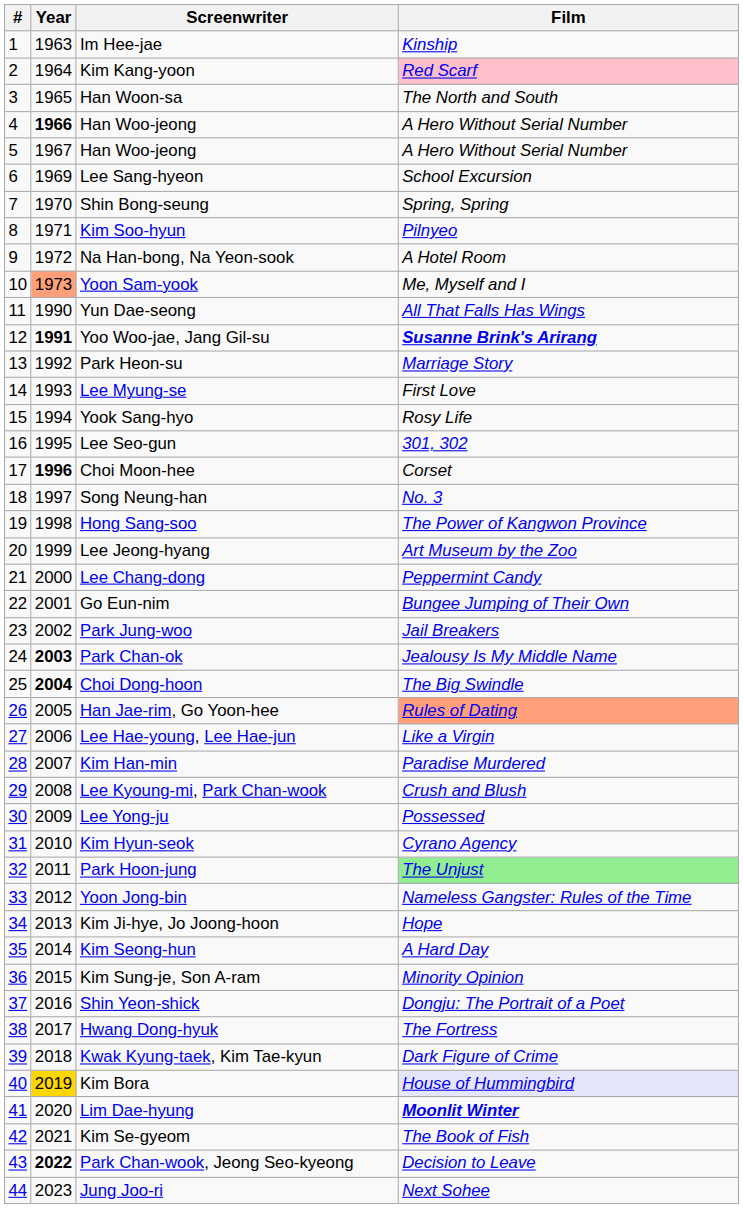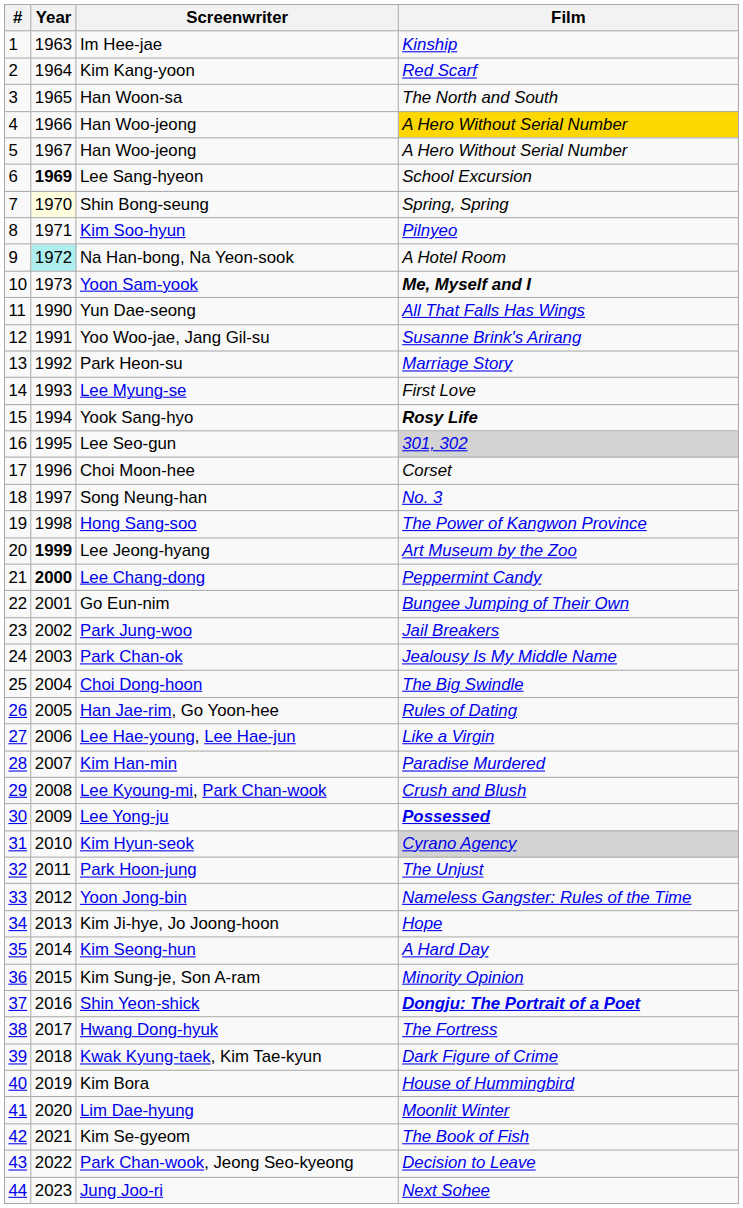 <table class="wikitable" style="width:700px">
 <tr>
 <th style="width:10px">#</th>
 <th style="width:10px">Year</th>
 <th>Screenwriter</th>
 <th>Film</th>
 </tr>
 <tr>
 <td>1</td>
 <td>1963</td>
 <td>Im Hee-jae</td>
 <td><em><a href='#'>Kinship</a></em></td>
 </tr>
 <tr>
 <td>2</td>
 <td>1964</td>
 <td>Kim Kang-yoon</td>
-<td style="background: pink;"><em><a href='#'>Red Scarf</a></em></td>
+<td><em><a href='#'>Red Scarf</a></em></td>
 </tr>
 <tr>
 <td>3</td>
 <td>1965</td>
 <td>Han Woon-sa</td>
 <td><em>The North and South</em></td>
 </tr>
 <tr>
 <td>4</td>
-<td><strong>1966</strong></td>
+<td>1966</td>
 <td>Han Woo-jeong</td>
-<td><em>A Hero Without Serial Number</em></td>
+<td style="background: gold;"><em>A Hero Without Serial Number</em></td>
 </tr>
 <tr>
 <td>5</td>
 <td>1967</td>
 <td>Han Woo-jeong</td>
 <td><em>A Hero Without Serial Number</em></td>
 </tr>
 <tr>
 <td>6</td>
-<td>1969</td>
+<td><strong>1969</strong></td>
 <td>Lee Sang-hyeon</td>
 <td><em>School Excursion</em></td>
 </tr>
 <tr>
 <td>7</td>
-<td>1970</td>
+<td style="background: lightyellow;">1970</td>
 <td>Shin Bong-seung</td>
 <td><em>Spring, Spring</em></td>
 </tr>
 <tr>
 <td>8</td>
 <td>1971</td>
 <td><a href='#'>Kim Soo-hyun</a></td>
 <td><em><a href='#'>Pilnyeo</a></em></td>
 </tr>
 <tr>
 <td>9</td>
-<td>1972</td>
+<td style="background: paleturquoise;">1972</td>
 <td>Na Han-bong, Na Yeon-sook</td>
 <td><em>A Hotel Room</em></td>
 </tr>
 <tr>
 <td>10</td>
-<td style="background: lightsalmon;">1973</td>
+<td>1973</td>
 <td><a href='#'>Yoon Sam-yook</a></td>
-<td><em>Me, Myself and I</em></td>
+<td><strong><em>Me, Myself and I</em></strong></td>
 </tr>
 <tr>
 <td>11</td>
 <td>1990</td>
 <td>Yun Dae-seong</td>
 <td><em><a href='#'>All That Falls Has Wings</a></em></td>
 </tr>
 <tr>
 <td>12</td>
-<td><strong>1991</strong></td>
+<td>1991</td>
 <td>Yoo Woo-jae, Jang Gil-su</td>
-<td><strong><em><a href='#'>Susanne Brink's Arirang</a></em></strong></td>
+<td><em><a href='#'>Susanne Brink's Arirang</a></em></td>
 </tr>
 <tr>
 <td>13</td>
 <td>1992</td>
 <td>Park Heon-su</td>
 <td><em><a href='#'>Marriage Story</a></em></td>
 </tr>
 <tr>
 <td>14</td>
 <td>1993</td>
 <td><a href='#'>Lee Myung-se</a></td>
 <td><em>First Love</em></td>
 </tr>
 <tr>
 <td>15</td>
 <td>1994</td>
 <td>Yook Sang-hyo</td>
-<td><em>Rosy Life</em></td>
+<td><strong><em>Rosy Life</em></strong></td>
 </tr>
 <tr>
 <td>16</td>
 <td>1995</td>
 <td>Lee Seo-gun</td>
-<td><em><a href='#'>301, 302</a></em></td>
+<td style="background: lightgrey;"><em><a href='#'>301, 302</a></em></td>
 </tr>
 <tr>
 <td>17</td>
-<td><strong>1996</strong></td>
+<td>1996</td>
 <td>Choi Moon-hee</td>
 <td><em>Corset</em></td>
 </tr>
 <tr>
 <td>18</td>
 <td>1997</td>
 <td>Song Neung-han</td>
 <td><em><a href='#'>No. 3</a></em></td>
 </tr>
 <tr>
 <td>19</td>
 <td>1998</td>
 <td><a href='#'>Hong Sang-soo</a></td>
 <td><em><a href='#'>The Power of Kangwon Province</a></em></td>
 </tr>
 <tr>
 <td>20</td>
-<td>1999</td>
+<td><strong>1999</strong></td>
 <td>Lee Jeong-hyang</td>
 <td><em><a href='#'>Art Museum by the Zoo</a></em></td>
 </tr>
 <tr>
 <td>21</td>
-<td>2000</td>
+<td><strong>2000</strong></td>
 <td><a href='#'>Lee Chang-dong</a></td>
 <td><em><a href='#'>Peppermint Candy</a></em></td>
 </tr>
 <tr>
 <td>22</td>
 <td>2001</td>
 <td>Go Eun-nim</td>
 <td><em><a href='#'>Bungee Jumping of Their Own</a></em></td>
 </tr>
 <tr>
 <td>23</td>
 <td>2002</td>
 <td><a href='#'>Park Jung-woo</a></td>
 <td><em><a href='#'>Jail Breakers</a></em></td>
 </tr>
 <tr>
 <td>24</td>
-<td><strong>2003</strong></td>
+<td>2003</td>
 <td><a href='#'>Park Chan-ok</a></td>
 <td><em><a href='#'>Jealousy Is My Middle Name</a></em></td>
 </tr>
 <tr>
 <td>25</td>
-<td><strong>2004</strong></td>
+<td>2004</td>
 <td><a href='#'>Choi Dong-hoon</a></td>
 <td><em><a href='#'>The Big Swindle</a></em></td>
 </tr>
 <tr>
 <td><a href='#'>26</a></td>
 <td>2005</td>
 <td><a href='#'>Han Jae-rim</a>, Go Yoon-hee</td>
-<td style="background: lightsalmon;"><em><a href='#'>Rules of Dating</a></em></td>
+<td><em><a href='#'>Rules of Dating</a></em></td>
 </tr>
 <tr>
 <td><a href='#'>27</a></td>
 <td>2006</td>
 <td><a href='#'>Lee Hae-young</a>, <a href='#'>Lee Hae-jun</a></td>
 <td><em><a href='#'>Like a Virgin</a></em></td>
 </tr>
 <tr>
 <td><a href='#'>28</a></td>
 <td>2007</td>
 <td><a href='#'>Kim Han-min</a></td>
 <td><em><a href='#'>Paradise Murdered</a></em></td>
 </tr>
 <tr>
 <td><a href='#'>29</a></td>
 <td>2008</td>
 <td><a href='#'>Lee Kyoung-mi</a>, <a href='#'>Park Chan-wook</a></td>
 <td><em><a href='#'>Crush and Blush</a></em></td>
 </tr>
 <tr>
 <td><a href='#'>30</a></td>
 <td>2009</td>
 <td><a href='#'>Lee Yong-ju</a></td>
-<td><em><a href='#'>Possessed</a></em></td>
+<td><strong><em><a href='#'>Possessed</a></em></strong></td>
 </tr>
 <tr>
 <td><a href='#'>31</a></td>
 <td>2010</td>
 <td><a href='#'>Kim Hyun-seok</a></td>
-<td><em><a href='#'>Cyrano Agency</a></em></td>
+<td style="background: lightgrey;"><em><a href='#'>Cyrano Agency</a></em></td>
 </tr>
 <tr>
 <td><a href='#'>32</a></td>
 <td>2011</td>
 <td><a href='#'>Park Hoon-jung</a></td>
-<td style="background: lightgreen;"><em><a href='#'>The Unjust</a></em></td>
+<td><em><a href='#'>The Unjust</a></em></td>
 </tr>
 <tr>
 <td><a href='#'>33</a></td>
 <td>2012</td>
 <td><a href='#'>Yoon Jong-bin</a></td>
 <td><em><a href='#'>Nameless Gangster: Rules of the Time</a></em></td>
 </tr>
 <tr>
 <td><a href='#'>34</a></td>
 <td>2013</td>
 <td>Kim Ji-hye, Jo Joong-hoon</td>
 <td><em><a href='#'>Hope</a></em></td>
 </tr>
 <tr>
 <td><a href='#'>35</a></td>
 <td>2014</td>
 <td><a href='#'>Kim Seong-hun</a></td>
 <td><em><a href='#'>A Hard Day</a></em></td>
 </tr>
 <tr>
 <td><a href='#'>36</a></td>
 <td>2015</td>
 <td>Kim Sung-je, Son A-ram</td>
 <td><em><a href='#'>Minority Opinion</a></em></td>
 </tr>
 <tr>
 <td><a href='#'>37</a></td>
 <td>2016</td>
 <td><a href='#'>Shin Yeon-shick</a></td>
-<td><em><a href='#'>Dongju: The Portrait of a Poet</a></em></td>
+<td><strong><em><a href='#'>Dongju: The Portrait of a Poet</a></em></strong></td>
 </tr>
 <tr>
 <td><a href='#'>38</a></td>
 <td>2017</td>
 <td><a href='#'>Hwang Dong-hyuk</a></td>
 <td><em><a href='#'>The Fortress</a></em></td>
 </tr>
 <tr>
 <td><a href='#'>39</a></td>
 <td>2018</td>
 <td><a href='#'>Kwak Kyung-taek</a>, Kim Tae-kyun</td>
 <td><em><a href='#'>Dark Figure of Crime</a></em></td>
 </tr>
 <tr>
 <td><a href='#'>40</a></td>
-<td style="background: gold;">2019</td>
+<td>2019</td>
 <td>Kim Bora</td>
-<td style="background: lavender;"><em><a href='#'>House of Hummingbird</a></em></td>
+<td><em><a href='#'>House of Hummingbird</a></em></td>
 </tr>
 <tr>
 <td><a href='#'>41</a></td>
 <td>2020</td>
 <td><a href='#'>Lim Dae-hyung</a></td>
-<td><strong><em><a href='#'>Moonlit Winter</a></em></strong></td>
+<td><em><a href='#'>Moonlit Winter</a></em></td>
 </tr>
 <tr>
 <td><a href='#'>42</a></td>
 <td>2021</td>
 <td>Kim Se-gyeom</td>
 <td><em><a href='#'>The Book of Fish</a></em></td>
 </tr>
 <tr>
 <td><a href='#'>43</a></td>
-<td><strong>2022</strong></td>
+<td>2022</td>
 <td><a href='#'>Park Chan-wook</a>, Jeong Seo-kyeong</td>
 <td><em><a href='#'>Decision to Leave</a></em></td>
 </tr>
 <tr>
 <td><a href='#'>44</a></td>
 <td>2023</td>
 <td><a href='#'>Jung Joo-ri</a></td>
 <td><em><a href='#'>Next Sohee</a></em></td>
 </tr>
 <tr>
 </tr>
 </table>
